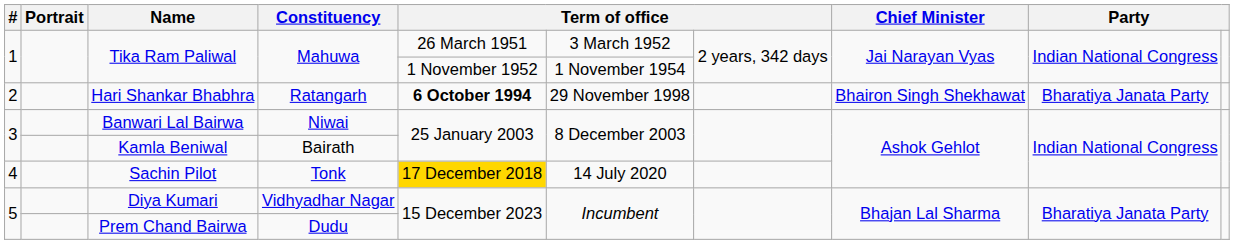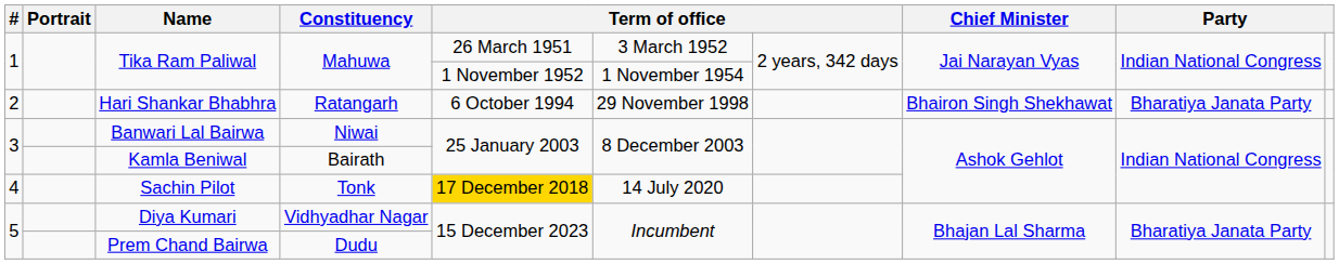 <table class="wikitable" style="text-align:center">
 <tr>
 <th>#</th>
 <th>Portrait</th>
 <th>Name</th>
 <th><a href='#'>Constituency</a></th>
 <th colspan="3">Term of office</th>
 <th><a href='#'>Chief Minister</a></th>
 <th colspan="2">Party</th>
 </tr>
 <tr>
 <td rowspan="2">1</td>
 <td rowspan=2></td>
 <td rowspan="2"><a href='#'>Tika Ram Paliwal</a></td>
 <td rowspan="2"><a href='#'>Mahuwa</a></td>
 <td>26 March 1951</td>
 <td>3 March 1952</td>
 <td rowspan=2>2 years, 342 days</td>
 <td rowspan="2"><a href='#'>Jai Narayan Vyas</a></td>
 <td rowspan="2"><a href='#'>Indian National Congress</a></td>
 <td rowspan="2" style="background-color: "></td>
 </tr>
 <tr>
 <td>1 November 1952</td>
 <td>1 November 1954</td>
 </tr>
 <tr>
 <td>2</td>
 <td></td>
 <td><a href='#'>Hari Shankar Bhabhra</a></td>
 <td><a href='#'>Ratangarh</a></td>
-<td><strong>6 October 1994</strong></td>
+<td>6 October 1994</td>
 <td>29 November 1998</td>
 <td></td>
 <td><a href='#'>Bhairon Singh Shekhawat</a></td>
 <td><a href='#'>Bharatiya Janata Party</a></td>
 <td style="background-color: "></td>
 </tr>
 <tr>
 <td rowspan=2>3</td>
 <td></td>
 <td><a href='#'>Banwari Lal Bairwa</a></td>
 <td><a href='#'>Niwai</a></td>
 <td rowspan="2">25 January 2003</td>
 <td rowspan=2>8 December 2003</td>
 <td rowspan=2></td>
 <td rowspan="3"><a href='#'>Ashok Gehlot</a></td>
 <td rowspan="3"><a href='#'>Indian National Congress</a></td>
 <td rowspan="3" style="background-color: "></td>
 </tr>
 <tr>
 <td></td>
 <td><a href='#'>Kamla Beniwal</a></td>
 <td>Bairath</td>
 </tr>
 <tr>
 <td>4</td>
 <td></td>
 <td><a href='#'>Sachin Pilot</a></td>
 <td><a href='#'>Tonk</a></td>
 <td style="background: gold;">17 December 2018</td>
 <td>14 July 2020</td>
 <td></td>
 </tr>
 <tr>
 <td rowspan=2>5</td>
 <td></td>
 <td><a href='#'>Diya Kumari</a></td>
 <td><a href='#'>Vidhyadhar Nagar</a></td>
 <td rowspan="2">15 December 2023</td>
 <td rowspan=2><em>Incumbent</em></td>
 <td rowspan=2></td>
 <td rowspan="2"><a href='#'>Bhajan Lal Sharma</a></td>
 <td rowspan="2"><a href='#'>Bharatiya Janata Party</a></td>
 <td rowspan="3" style="background-color: "></td>
 </tr>
 <tr>
 <td></td>
 <td><a href='#'>Prem Chand Bairwa</a></td>
 <td><a href='#'>Dudu</a></td>
 </tr>
 </table>
